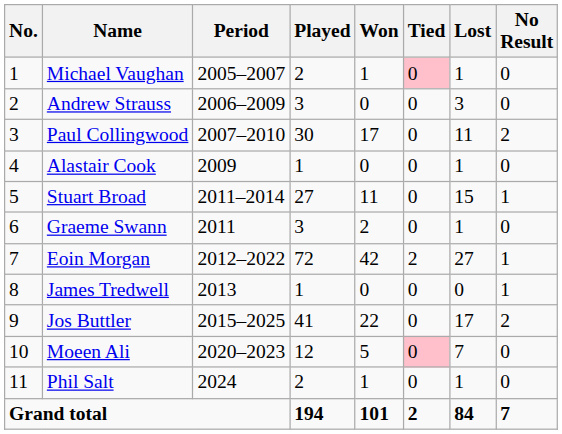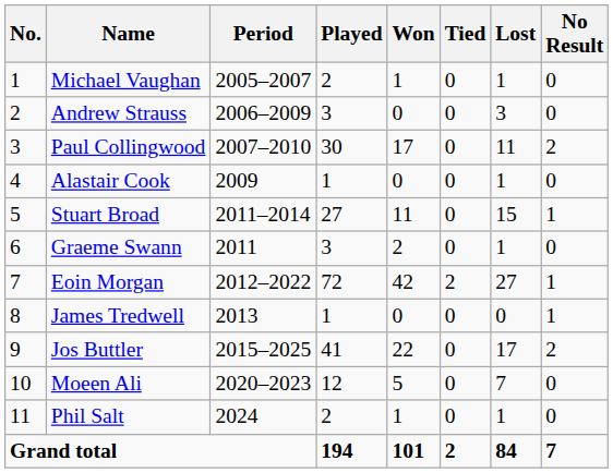 <table class="wikitable">
 <tr>
 <th>No.</th>
 <th>Name</th>
 <th>Period</th>
 <th>Played</th>
 <th>Won</th>
 <th>Tied</th>
 <th>Lost</th>
 <th>No<br>Result</th>
 </tr>
 <tr>
 <td>1</td>
 <td><a href='#'>Michael Vaughan</a></td>
 <td>2005–2007</td>
 <td>2</td>
 <td>1</td>
-<td style="background: pink;">0</td>
+<td>0</td>
 <td>1</td>
 <td>0</td>
 </tr>
 <tr>
 <td>2</td>
 <td><a href='#'>Andrew Strauss</a></td>
 <td>2006–2009</td>
 <td>3</td>
 <td>0</td>
 <td>0</td>
 <td>3</td>
 <td>0</td>
 </tr>
 <tr>
 <td>3</td>
 <td><a href='#'>Paul Collingwood</a></td>
 <td>2007–2010</td>
 <td>30</td>
 <td>17</td>
 <td>0</td>
 <td>11</td>
 <td>2</td>
 </tr>
 <tr>
 <td>4</td>
 <td><a href='#'>Alastair Cook</a></td>
 <td>2009</td>
 <td>1</td>
 <td>0</td>
 <td>0</td>
 <td>1</td>
 <td>0</td>
 </tr>
 <tr>
 <td>5</td>
 <td><a href='#'>Stuart Broad</a></td>
 <td>2011–2014</td>
 <td>27</td>
 <td>11</td>
 <td>0</td>
 <td>15</td>
 <td>1</td>
 </tr>
 <tr>
 <td>6</td>
 <td><a href='#'>Graeme Swann</a></td>
 <td>2011</td>
 <td>3</td>
 <td>2</td>
 <td>0</td>
 <td>1</td>
 <td>0</td>
 </tr>
 <tr>
 <td>7</td>
 <td><a href='#'>Eoin Morgan</a></td>
 <td>2012–2022</td>
 <td>72</td>
 <td>42</td>
 <td>2</td>
 <td>27</td>
 <td>1</td>
 </tr>
 <tr>
 <td>8</td>
 <td><a href='#'>James Tredwell</a></td>
 <td>2013</td>
 <td>1</td>
 <td>0</td>
 <td>0</td>
 <td>0</td>
 <td>1</td>
 </tr>
 <tr>
 <td>9</td>
 <td><a href='#'>Jos Buttler</a></td>
 <td>2015–2025</td>
 <td>41</td>
 <td>22</td>
 <td>0</td>
 <td>17</td>
 <td>2</td>
 </tr>
 <tr>
 <td>10</td>
 <td><a href='#'>Moeen Ali</a></td>
 <td>2020–2023</td>
 <td>12</td>
 <td>5</td>
-<td style="background: pink;">0</td>
+<td>0</td>
 <td>7</td>
 <td>0</td>
 </tr>
 <tr>
 <td>11</td>
 <td><a href='#'>Phil Salt</a></td>
 <td>2024</td>
 <td>2</td>
 <td>1</td>
 <td>0</td>
 <td>1</td>
 <td>0</td>
 </tr>
 <tr>
 <td colspan=3><strong>Grand total</strong></td>
 <td><strong>194</strong></td>
 <td><strong>101</strong></td>
 <td><strong>2</strong></td>
 <td><strong>84</strong></td>
 <td><strong>7</strong></td>
 </tr>
 </table>
